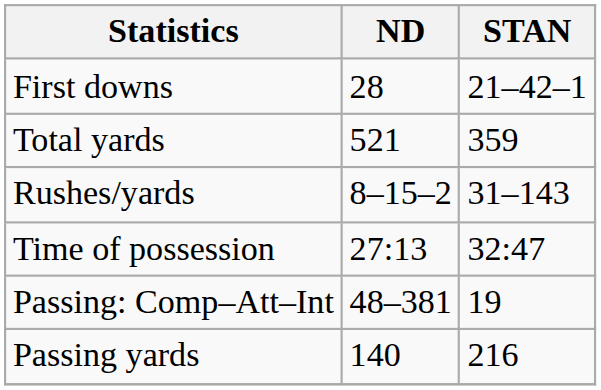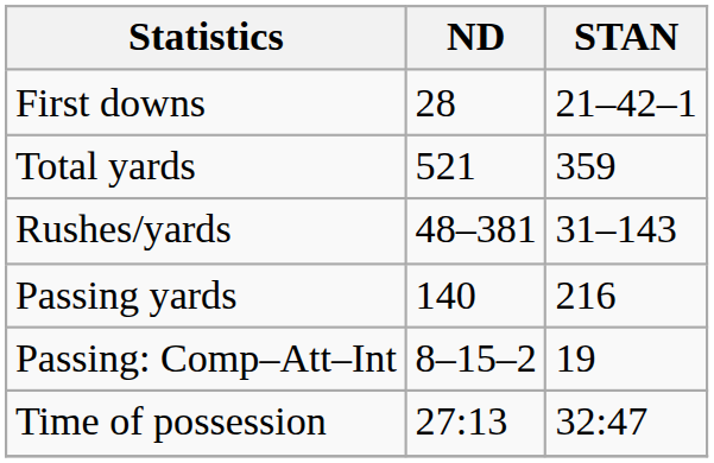 <table class="wikitable" style="float: left;">
 <tr>
 <th>Statistics</th>
 <th>ND</th>
 <th>STAN</th>
 </tr>
 <tr>
 <td>First downs</td>
 <td>28</td>
 <td>21–42–1</td>
 </tr>
 <tr>
 <td>Total yards</td>
 <td>521</td>
 <td>359</td>
 </tr>
 <tr>
 <td>Rushes/yards</td>
+<td>48–381</td>
+<td>31–143</td>
+</tr>
+<tr>
+<td>Passing yards</td>
+<td>140</td>
+<td>216</td>
+</tr>
+<tr>
+<td>Passing: Comp–Att–Int</td>
 <td>8–15–2</td>
-<td>31–143</td>
+<td>19</td>
 </tr>
 <tr>
 <td>Time of possession</td>
 <td>27:13</td>
 <td>32:47</td>
 </tr>
 <tr>
-<td>Passing: Comp–Att–Int</td>
-<td>48–381</td>
-<td>19</td>
-</tr>
-<tr>
-<td>Passing yards</td>
-<td>140</td>
-<td>216</td>
-</tr>
-<tr>
 </tr>
 </table>
